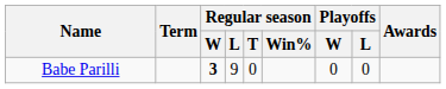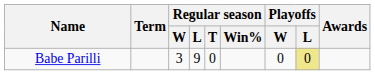 <table class="wikitable">
 <tr>
 <th rowspan="2" style="width:140px;">Name</th>
 <th rowspan="2">Term</th>
 <th colspan="4">Regular season</th>
 <th colspan="2">Playoffs</th>
 <th rowspan="2">Awards</th>
 </tr>
 <tr>
 <th>W</th>
 <th>L</th>
 <th>T</th>
 <th>Win%</th>
 <th>W</th>
 <th>L</th>
 </tr>
 <tr>
 <td style="text-align:center;"><a href='#'>Babe Parilli</a></td>
 <td style="text-align:center;"></td>
-<td style="text-align:center;"><strong>3</strong></td>
+<td style="text-align:center;">3</td>
 <td style="text-align:center;">9</td>
 <td style="text-align:center;">0</td>
 <td style="text-align:center;"></td>
 <td style="text-align:center;">0</td>
-<td style="text-align:center;">0</td>
+<td style="background: khaki; text-align:center;">0</td>
 <td style="text-align:center;"></td>
 </tr>
 </table>
